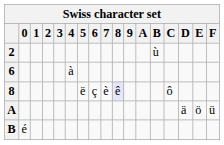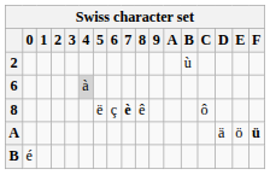 <table class="wikitable">
 <tr>
 <th colspan="17">Swiss character set</th>
 </tr>
 <tr>
 <th></th>
 <th>0</th>
 <th>1</th>
 <th>2</th>
 <th>3</th>
 <th>4</th>
 <th>5</th>
 <th>6</th>
 <th>7</th>
 <th>8</th>
 <th>9</th>
 <th>A</th>
 <th>B</th>
 <th>C</th>
 <th>D</th>
 <th>E</th>
 <th>F</th>
 </tr>
 <tr>
 <th>2</th>
 <td></td>
 <td></td>
 <td></td>
 <td></td>
 <td></td>
 <td></td>
 <td></td>
 <td></td>
 <td></td>
 <td></td>
 <td></td>
 <td>ù</td>
 <td></td>
 <td></td>
 <td></td>
 <td></td>
 </tr>
 <tr>
 <th>6</th>
 <td></td>
 <td></td>
 <td></td>
 <td></td>
-<td>à</td>
+<td style="background: lightgrey;">à</td>
 <td></td>
 <td></td>
 <td></td>
 <td></td>
 <td></td>
 <td></td>
 <td></td>
 <td></td>
 <td></td>
 <td></td>
 <td></td>
 </tr>
 <tr>
 <th>8</th>
 <td></td>
 <td></td>
 <td></td>
 <td></td>
 <td></td>
 <td>ë</td>
 <td>ç</td>
-<td>è</td>
-<td style="background: lavender;">ê</td>
+<td><strong>è</strong></td>
+<td>ê</td>
 <td></td>
 <td></td>
 <td></td>
 <td>ô</td>
 <td></td>
 <td></td>
 <td></td>
 </tr>
 <tr>
 <th>A</th>
 <td></td>
 <td></td>
 <td></td>
 <td></td>
 <td></td>
 <td></td>
 <td></td>
 <td></td>
 <td></td>
 <td></td>
 <td></td>
 <td></td>
 <td></td>
 <td>ä</td>
 <td>ö</td>
-<td>ü</td>
+<td><strong>ü</strong></td>
 </tr>
 <tr>
 <th>B</th>
 <td>é</td>
 <td></td>
 <td></td>
 <td></td>
 <td></td>
 <td></td>
 <td></td>
 <td></td>
 <td></td>
 <td></td>
 <td></td>
 <td></td>
 <td></td>
 <td></td>
 <td></td>
 <td></td>
 </tr>
 </table>
